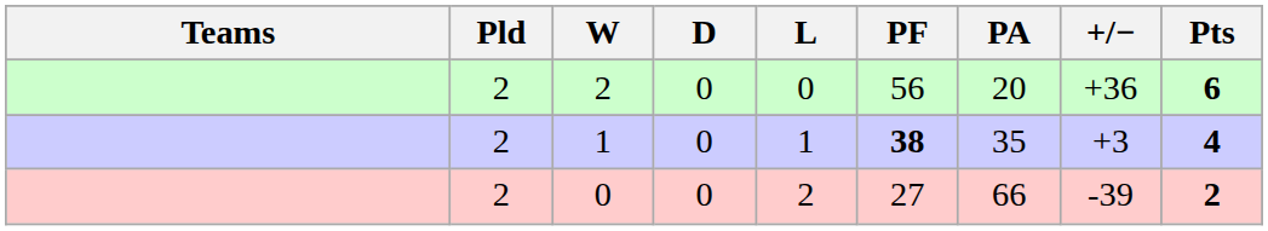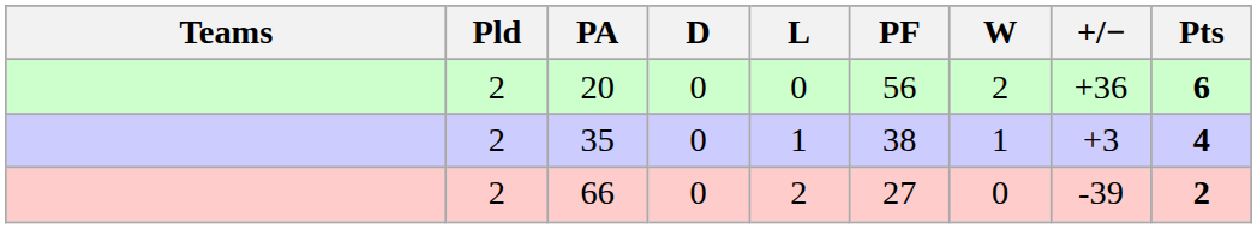 <table class="wikitable" style="text-align: center;">
 <tr>
 <th width="200">Teams</th>
 <th width="40">Pld</th>
-<th width="40">W</th>
+<th width="40">PA</th>
 <th width="40">D</th>
 <th width="40">L</th>
 <th width="40">PF</th>
-<th width="40">PA</th>
+<th width="40">W</th>
 <th width="40">+/−</th>
 <th width="40">Pts</th>
 </tr>
 <tr bgcolor=ccffcc>
 <td align=left></td>
 <td>2</td>
-<td>2</td>
+<td>20</td>
 <td>0</td>
 <td>0</td>
 <td>56</td>
-<td>20</td>
+<td>2</td>
 <td>+36</td>
 <td><strong>6</strong></td>
 </tr>
 <tr bgcolor=ccccff>
 <td align=left></td>
 <td>2</td>
-<td>1</td>
+<td>35</td>
 <td>0</td>
 <td>1</td>
-<td><strong>38</strong></td>
-<td>35</td>
+<td>38</td>
+<td>1</td>
 <td>+3</td>
 <td><strong>4</strong></td>
 </tr>
 <tr bgcolor=ffcccc>
 <td align=left></td>
 <td>2</td>
-<td>0</td>
+<td>66</td>
 <td>0</td>
 <td>2</td>
 <td>27</td>
-<td>66</td>
+<td>0</td>
 <td>-39</td>
 <td><strong>2</strong></td>
 </tr>
 </table>
